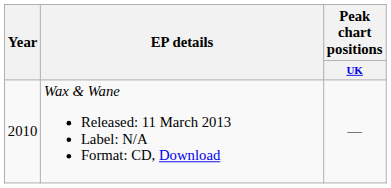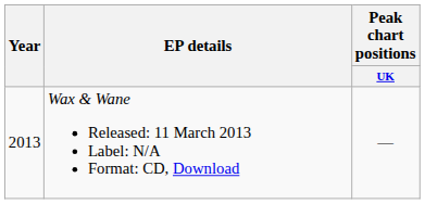 <table class="wikitable" border="1">
 <tr>
 <th rowspan="2">Year</th>
 <th rowspan="2" width="300">EP details</th>
 <th>Peak chart positions</th>
 </tr>
 <tr>
 <th style="width:3em;font-size:75%;"><a href='#'>UK</a><br></th>
 </tr>
 <tr>
-<td>2010</td>
+<td>2013</td>
 <td><em>Wax & Wane</em><br><ul><li>Released: 11 March 2013</li><li>Label: N/A</li><li>Format: CD, <a href='#'>Download</a></li></ul></td>
 <td align="center">—</td>
 </tr>
 </table>
